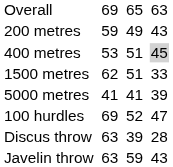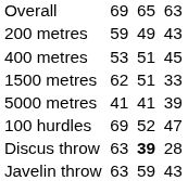 <table>
 <tr>
 <td>Overall</td>
 <td></td>
 <td>69</td>
 <td></td>
 <td>65</td>
 <td></td>
 <td>63</td>
 </tr>
 <tr>
 <td>200 metres</td>
 <td></td>
 <td>59</td>
 <td></td>
 <td>49</td>
 <td></td>
 <td>43</td>
 </tr>
 <tr>
 <td>400 metres</td>
 <td></td>
 <td>53</td>
 <td></td>
 <td>51</td>
 <td></td>
-<td style="background: lightgrey;">45</td>
+<td>45</td>
 </tr>
 <tr>
 <td>1500 metres</td>
 <td></td>
 <td>62</td>
 <td></td>
 <td>51</td>
 <td></td>
 <td>33</td>
 </tr>
 <tr>
 <td>5000 metres</td>
 <td></td>
 <td>41</td>
 <td></td>
 <td>41</td>
 <td></td>
 <td>39</td>
 </tr>
 <tr>
 <td>100 hurdles</td>
 <td></td>
 <td>69</td>
 <td></td>
 <td>52</td>
 <td></td>
 <td>47</td>
 </tr>
 <tr>
 <td>Discus throw</td>
 <td></td>
 <td>63</td>
 <td></td>
-<td>39</td>
+<td><strong>39</strong></td>
 <td></td>
 <td>28</td>
 </tr>
 <tr>
 <td>Javelin throw</td>
 <td></td>
 <td>63</td>
 <td></td>
 <td>59</td>
 <td></td>
 <td>43</td>
 </tr>
 </table>
